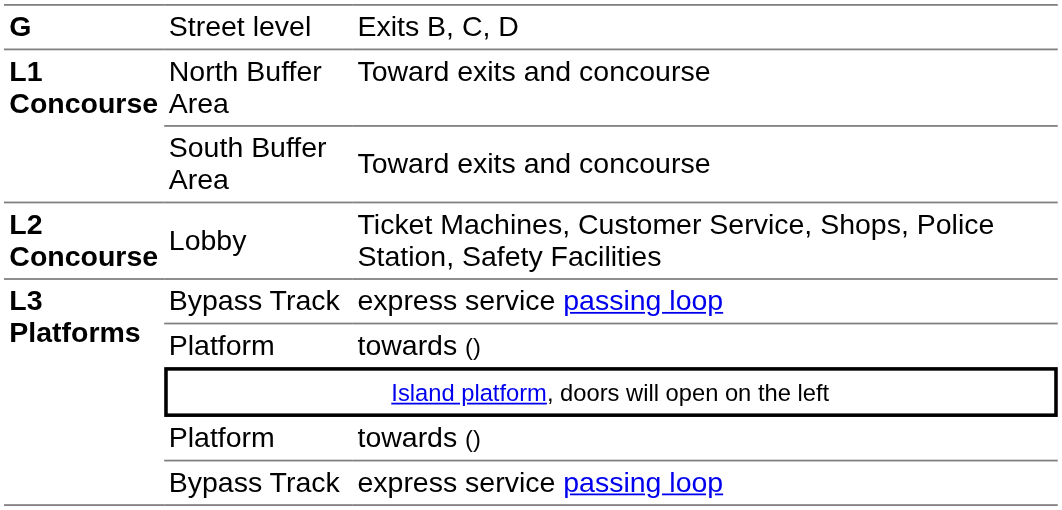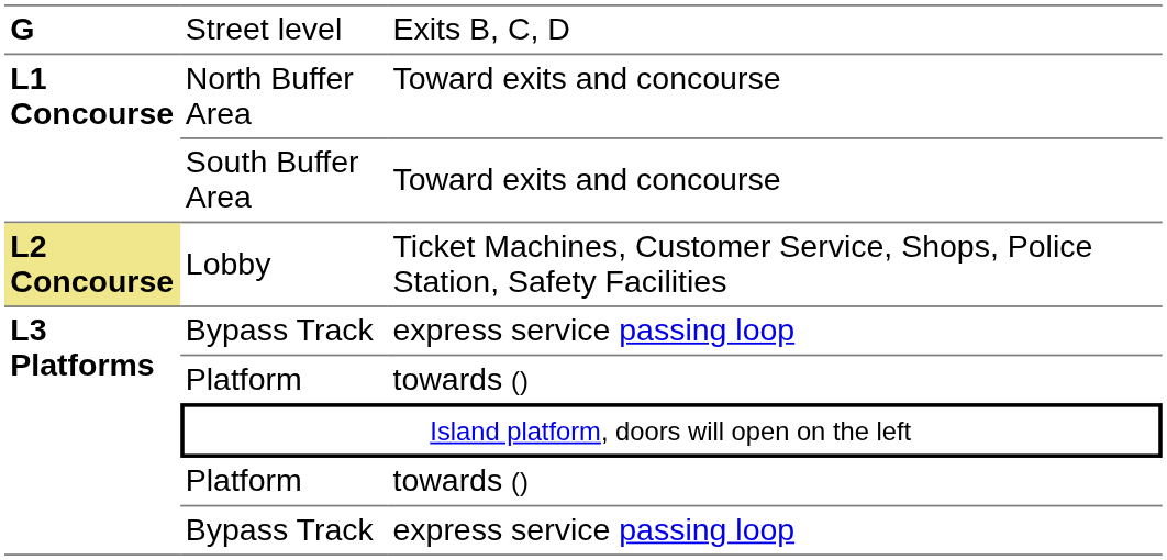 <table table border=0 cellspacing=0 cellpadding=3>
 <tr>
 <td style="border-top:solid 1px gray;" width=50 valign=top><strong>G</strong></td>
 <td style="border-top:solid 1px gray;" width=100 valign=top>Street level</td>
 <td style="border-top:solid 1px gray;" width=390 valign=top>Exits B, C, D</td>
 </tr>
 <tr>
 <td style="border-bottom:solid 1px gray; border-top:solid 1px gray;" valign=top rowspan=2><strong>L1<br>Concourse</strong></td>
 <td style="border-bottom:solid 1px gray; border-top:solid 1px gray;" valign=top>North Buffer Area</td>
 <td style="border-bottom:solid 1px gray; border-top:solid 1px gray;" valign=top>Toward exits and concourse</td>
 </tr>
 <tr>
 <td style="border-bottom:solid 1px gray;">South Buffer Area</td>
 <td style="border-bottom:solid 1px gray;">Toward exits and concourse</td>
 </tr>
 <tr>
-<td style="border-bottom:solid 1px gray;"><strong>L2<br>Concourse</strong></td>
+<td style="background: khaki; border-bottom:solid 1px gray;"><strong>L2<br>Concourse</strong></td>
 <td style="border-bottom:solid 1px gray;">Lobby</td>
 <td style="border-bottom:solid 1px gray;">Ticket Machines, Customer Service, Shops, Police Station, Safety Facilities</td>
 </tr>
 <tr>
 <td style="border-bottom:solid 1px gray;" valign=top width=50 rowspan=5><strong>L3<br>Platforms</strong></td>
 <td>Bypass Track</td>
 <td>  express service <a href='#'>passing loop</a></td>
 </tr>
 <tr>
 <td style="border-top:solid 1px gray;">Platform </td>
 <td style="border-top:solid 1px gray;">  towards  <small>()</small></td>
 </tr>
 <tr>
 <td style="border-top:solid 2px black;border-right:solid 2px black;border-left:solid 2px black;border-bottom:solid 2px black;text-align:center;" colspan=2><small><a href='#'>Island platform</a>, doors will open on the left</small></td>
 </tr>
 <tr>
 <td style="border-bottom:solid 1px gray;">Platform </td>
 <td style="border-bottom:solid 1px gray;"> towards  <small>()</small> </td>
 </tr>
 <tr>
 <td style="border-bottom:solid 1px gray;">Bypass Track</td>
 <td style="border-bottom:solid 1px gray;"> express service <a href='#'>passing loop</a> </td>
 </tr>
 </table>
